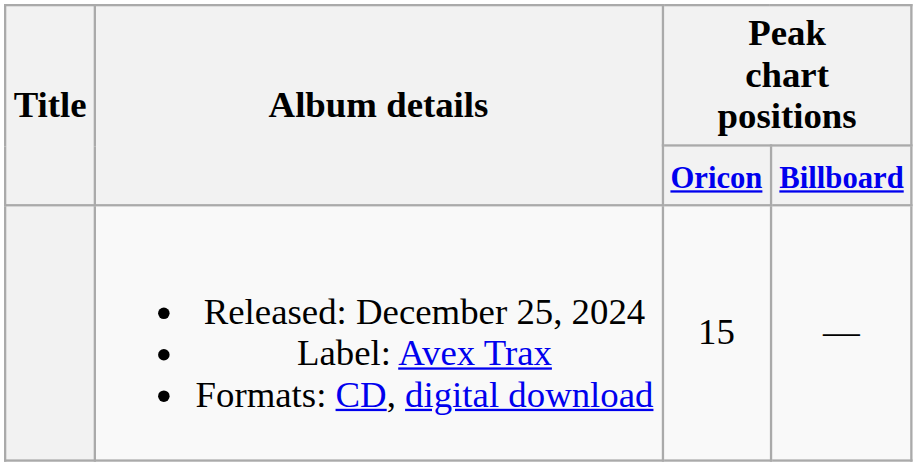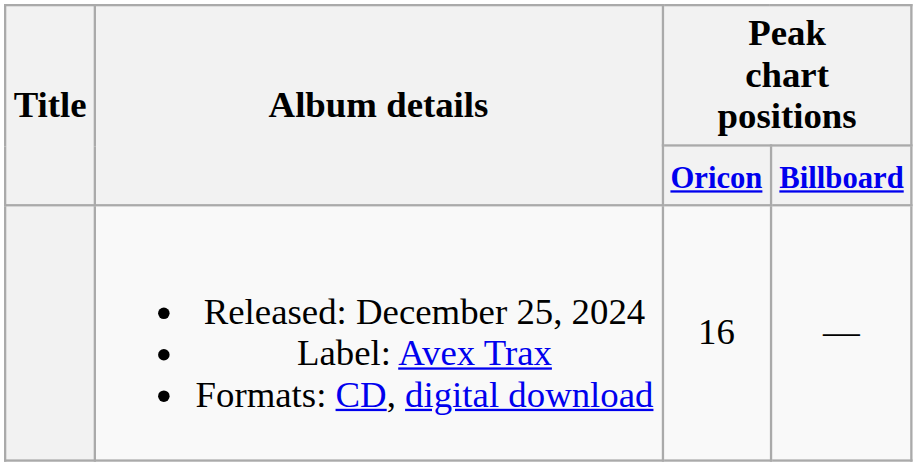 <table class="wikitable plainrowheaders" style="text-align:center;">
 <tr>
 <th scope="col" rowspan="2">Title</th>
 <th scope="col" rowspan="2">Album details</th>
 <th scope="col" colspan="2">Peak <br> chart <br> positions</th>
 </tr>
 <tr>
 <th scope="col" colspan="1"><small><a href='#'>Oricon</a></small><br></th>
 <th scope="col" colspan="1"><small><a href='#'>Billboard</a></small><br></th>
 </tr>
 <tr>
 <th scope="row"></th>
 <td><br><ul><li>Released: December 25, 2024</li><li>Label: <a href='#'>Avex Trax</a></li><li>Formats: <a href='#'>CD</a>, <a href='#'>digital download</a></li></ul></td>
-<td>15</td>
+<td>16</td>
 <td>—</td>
 </tr>
 </table>
